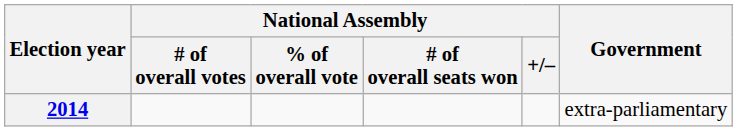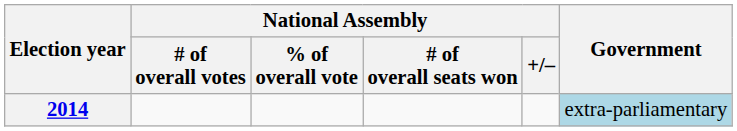 <table class=wikitable>
 <tr>
 <th rowspan=2>Election year</th>
 <th colspan=4>National Assembly</th>
 <th rowspan=2>Government</th>
 </tr>
 <tr>
 <th># of<br>overall votes</th>
 <th>% of<br>overall vote</th>
 <th># of<br>overall seats won</th>
 <th>+/–</th>
 </tr>
 <tr>
 <th><a href='#'>2014</a></th>
 <td></td>
 <td></td>
 <td></td>
 <td></td>
-<td>extra-parliamentary</td>
+<td style="background: lightblue;">extra-parliamentary</td>
 </tr>
 </table>
